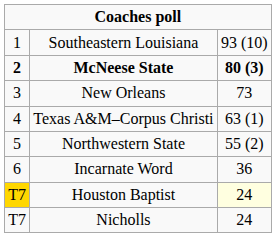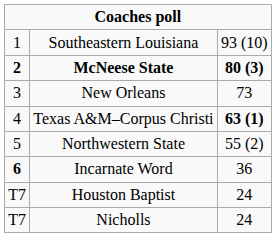 <table class="wikitable">
 <tr align="center">
 <td align="center" Colspan="3"><strong>Coaches poll</strong></td>
 </tr>
 <tr align="center">
 </tr>
 <tr align="center">
 <td>1</td>
 <td>Southeastern Louisiana</td>
 <td>93 (10)</td>
 </tr>
 <tr align="center">
 <td><strong>2</strong></td>
 <td><strong>McNeese State</strong></td>
 <td><strong>80 (3)</strong></td>
 </tr>
 <tr align="center">
 <td>3</td>
 <td>New Orleans</td>
 <td>73</td>
 </tr>
 <tr align="center">
 <td>4</td>
 <td>Texas A&M–Corpus Christi</td>
-<td>63 (1)</td>
+<td><strong>63 (1)</strong></td>
 </tr>
 <tr align="center">
 <td>5</td>
 <td>Northwestern State</td>
 <td>55 (2)</td>
 </tr>
 <tr align="center">
-<td>6</td>
+<td><strong>6</strong></td>
 <td>Incarnate Word</td>
 <td>36</td>
 </tr>
 <tr align="center">
-<td style="background: gold;">T7</td>
+<td>T7</td>
 <td>Houston Baptist</td>
-<td style="background: lightyellow;">24</td>
+<td>24</td>
 </tr>
 <tr align="center">
 <td>T7</td>
 <td>Nicholls</td>
 <td>24</td>
 </tr>
 <tr align="center">
 </tr>
 </table>
